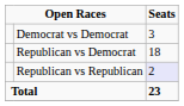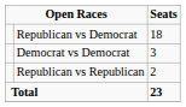 <table class="wikitable">
 <tr>
 <td colspan="2" rowspan="1" align="center"><strong>Open Races</strong></td>
 <td style="vertical-align:top;"><strong>Seats</strong><br></td>
+</tr>
+<tr>
+<td style="background-color:"> </td>
+<td>Republican vs Democrat</td>
+<td>18</td>
 </tr>
 <tr>
 <td style="background-color:"> </td>
 <td>Democrat vs Democrat</td>
 <td>3</td>
 </tr>
 <tr>
 <td style="background-color:"> </td>
-<td>Republican vs Democrat</td>
-<td>18</td>
-</tr>
-<tr>
-<td style="background-color:"> </td>
 <td>Republican vs Republican</td>
-<td style="background: lavender;">2</td>
+<td>2</td>
 </tr>
 <tr>
 <td colspan="2" rowspan="1"> <strong>Total</strong><br></td>
 <td><strong>23</strong></td>
 </tr>
 <tr>
 </tr>
 </table>
